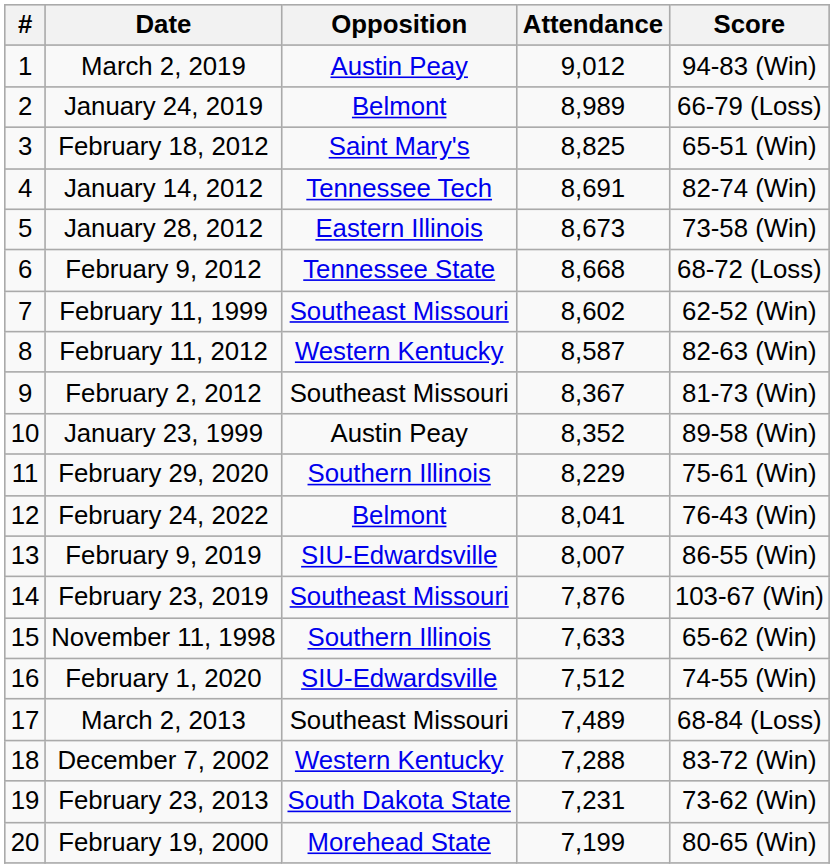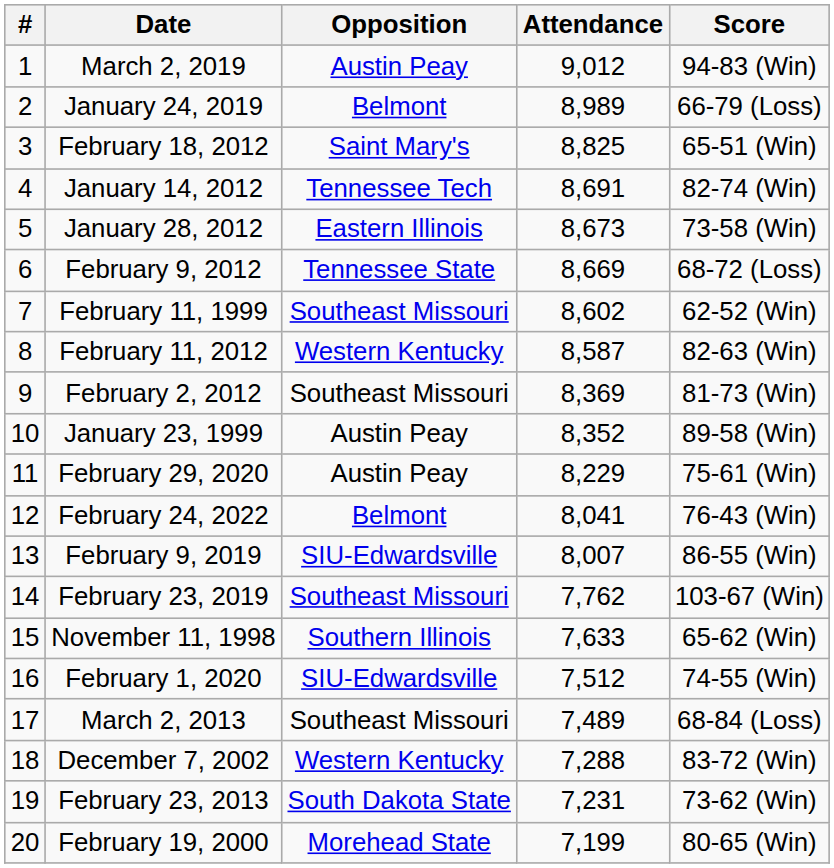 <table class="wikitable" style="text-align:center;">
 <tr>
 <th>#</th>
 <th>Date</th>
 <th>Opposition</th>
 <th>Attendance</th>
 <th>Score</th>
 </tr>
 <tr>
 <td>1</td>
 <td>March 2, 2019</td>
 <td><a href='#'>Austin Peay</a></td>
 <td>9,012</td>
 <td>94-83 (Win)</td>
 </tr>
 <tr>
 <td>2</td>
 <td>January 24, 2019</td>
 <td><a href='#'>Belmont</a></td>
 <td>8,989</td>
 <td>66-79 (Loss)</td>
 </tr>
 <tr>
 <td>3</td>
 <td>February 18, 2012</td>
 <td><a href='#'>Saint Mary's</a></td>
 <td>8,825</td>
 <td>65-51 (Win)</td>
 </tr>
 <tr>
 <td>4</td>
 <td>January 14, 2012</td>
 <td><a href='#'>Tennessee Tech</a></td>
 <td>8,691</td>
 <td>82-74 (Win)</td>
 </tr>
 <tr>
 <td>5</td>
 <td>January 28, 2012</td>
 <td><a href='#'>Eastern Illinois</a></td>
 <td>8,673</td>
 <td>73-58 (Win)</td>
 </tr>
 <tr>
 <td>6</td>
 <td>February 9, 2012</td>
 <td><a href='#'>Tennessee State</a></td>
-<td>8,668</td>
+<td>8,669</td>
 <td>68-72 (Loss)</td>
 </tr>
 <tr>
 <td>7</td>
 <td>February 11, 1999</td>
 <td><a href='#'>Southeast Missouri</a></td>
 <td>8,602</td>
 <td>62-52 (Win)</td>
 </tr>
 <tr>
 <td>8</td>
 <td>February 11, 2012</td>
 <td><a href='#'>Western Kentucky</a></td>
 <td>8,587</td>
 <td>82-63 (Win)</td>
 </tr>
 <tr>
 <td>9</td>
 <td>February 2, 2012</td>
 <td>Southeast Missouri</td>
-<td>8,367</td>
+<td>8,369</td>
 <td>81-73 (Win)</td>
 </tr>
 <tr>
 <td>10</td>
 <td>January 23, 1999</td>
 <td>Austin Peay</td>
 <td>8,352</td>
 <td>89-58 (Win)</td>
 </tr>
 <tr>
 <td>11</td>
 <td>February 29, 2020</td>
-<td><a href='#'>Southern Illinois</a></td>
+<td>Austin Peay</td>
 <td>8,229</td>
 <td>75-61 (Win)</td>
 </tr>
 <tr>
 <td>12</td>
 <td>February 24, 2022</td>
 <td><a href='#'>Belmont</a></td>
 <td>8,041</td>
 <td>76-43 (Win)</td>
 </tr>
 <tr>
 <td>13</td>
 <td>February 9, 2019</td>
 <td><a href='#'>SIU-Edwardsville</a></td>
 <td>8,007</td>
 <td>86-55 (Win)</td>
 </tr>
 <tr>
 <td>14</td>
 <td>February 23, 2019</td>
 <td><a href='#'>Southeast Missouri</a></td>
-<td>7,876</td>
+<td>7,762</td>
 <td>103-67 (Win)</td>
 </tr>
 <tr>
 <td>15</td>
 <td>November 11, 1998</td>
 <td><a href='#'>Southern Illinois</a></td>
 <td>7,633</td>
 <td>65-62 (Win)</td>
 </tr>
 <tr>
 <td>16</td>
 <td>February 1, 2020</td>
 <td><a href='#'>SIU-Edwardsville</a></td>
 <td>7,512</td>
 <td>74-55 (Win)</td>
 </tr>
 <tr>
 <td>17</td>
 <td>March 2, 2013</td>
 <td>Southeast Missouri</td>
 <td>7,489</td>
 <td>68-84 (Loss)</td>
 </tr>
 <tr>
 <td>18</td>
 <td>December 7, 2002</td>
 <td><a href='#'>Western Kentucky</a></td>
 <td>7,288</td>
 <td>83-72 (Win)</td>
 </tr>
 <tr>
 <td>19</td>
 <td>February 23, 2013</td>
 <td><a href='#'>South Dakota State</a></td>
 <td>7,231</td>
 <td>73-62 (Win)</td>
 </tr>
 <tr>
 <td>20</td>
 <td>February 19, 2000</td>
 <td><a href='#'>Morehead State</a></td>
 <td>7,199</td>
 <td>80-65 (Win)</td>
 </tr>
 </table>
